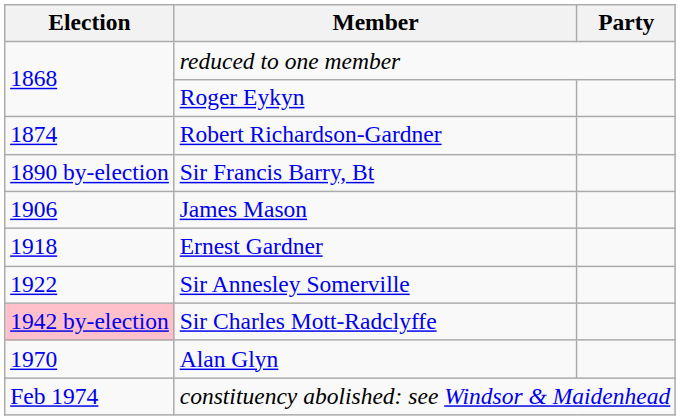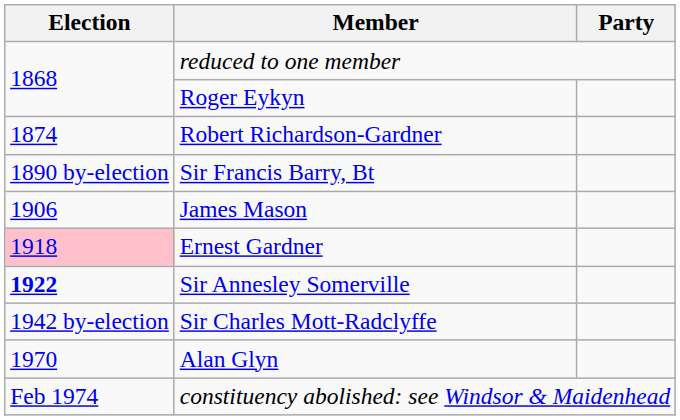 <table class="wikitable">
 <tr>
 <th>Election</th>
 <th>Member</th>
 <th colspan="2">Party</th>
 </tr>
 <tr>
 <td rowspan="2"><a href='#'>1868</a></td>
 <td colspan="3"><em>reduced to one member</em></td>
 </tr>
 <tr>
 <td><a href='#'>Roger Eykyn</a></td>
 <td></td>
 </tr>
 <tr>
 <td><a href='#'>1874</a></td>
 <td><a href='#'>Robert Richardson-Gardner</a></td>
 <td></td>
 </tr>
 <tr>
 <td><a href='#'>1890 by-election</a></td>
 <td><a href='#'>Sir Francis Barry, Bt</a></td>
 <td></td>
 </tr>
 <tr>
 <td><a href='#'>1906</a></td>
 <td><a href='#'>James Mason</a></td>
 <td></td>
 </tr>
 <tr>
-<td><a href='#'>1918</a></td>
+<td style="background: pink;"><a href='#'>1918</a></td>
 <td><a href='#'>Ernest Gardner</a></td>
 <td></td>
 </tr>
 <tr>
-<td><a href='#'>1922</a></td>
+<td><strong><a href='#'>1922</a></strong></td>
 <td><a href='#'>Sir Annesley Somerville</a></td>
 <td></td>
 </tr>
 <tr>
-<td style="background: pink;"><a href='#'>1942 by-election</a></td>
+<td><a href='#'>1942 by-election</a></td>
 <td><a href='#'>Sir Charles Mott-Radclyffe</a></td>
 <td></td>
 </tr>
 <tr>
 <td><a href='#'>1970</a></td>
 <td><a href='#'>Alan Glyn</a></td>
 <td></td>
 </tr>
 <tr>
 <td><a href='#'>Feb 1974</a></td>
 <td colspan="3"><em>constituency abolished: see <a href='#'>Windsor & Maidenhead</a></em></td>
 </tr>
 </table>
